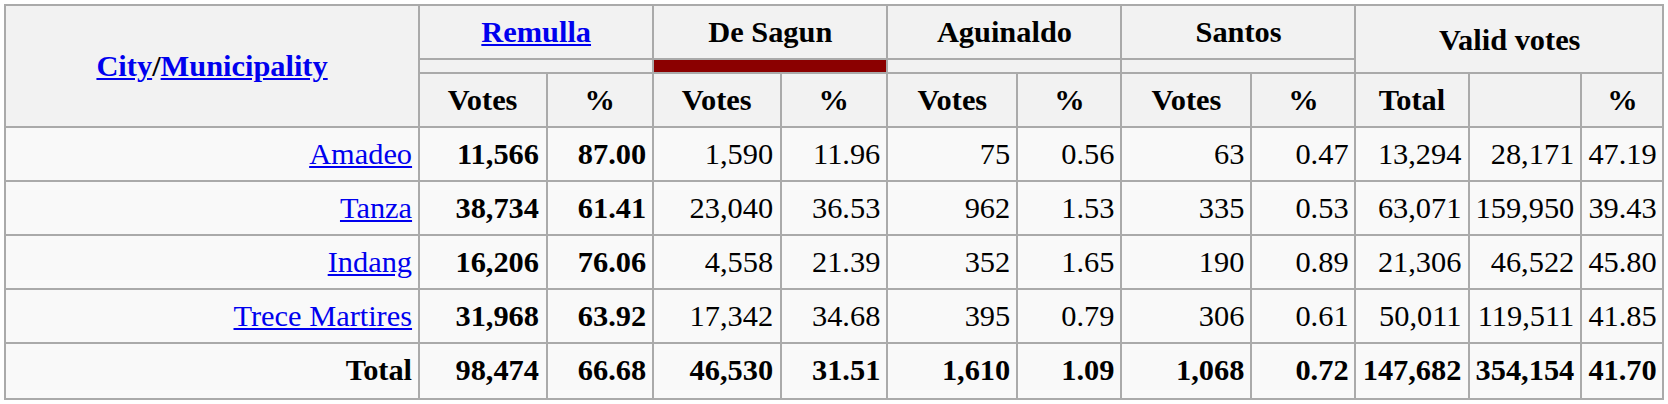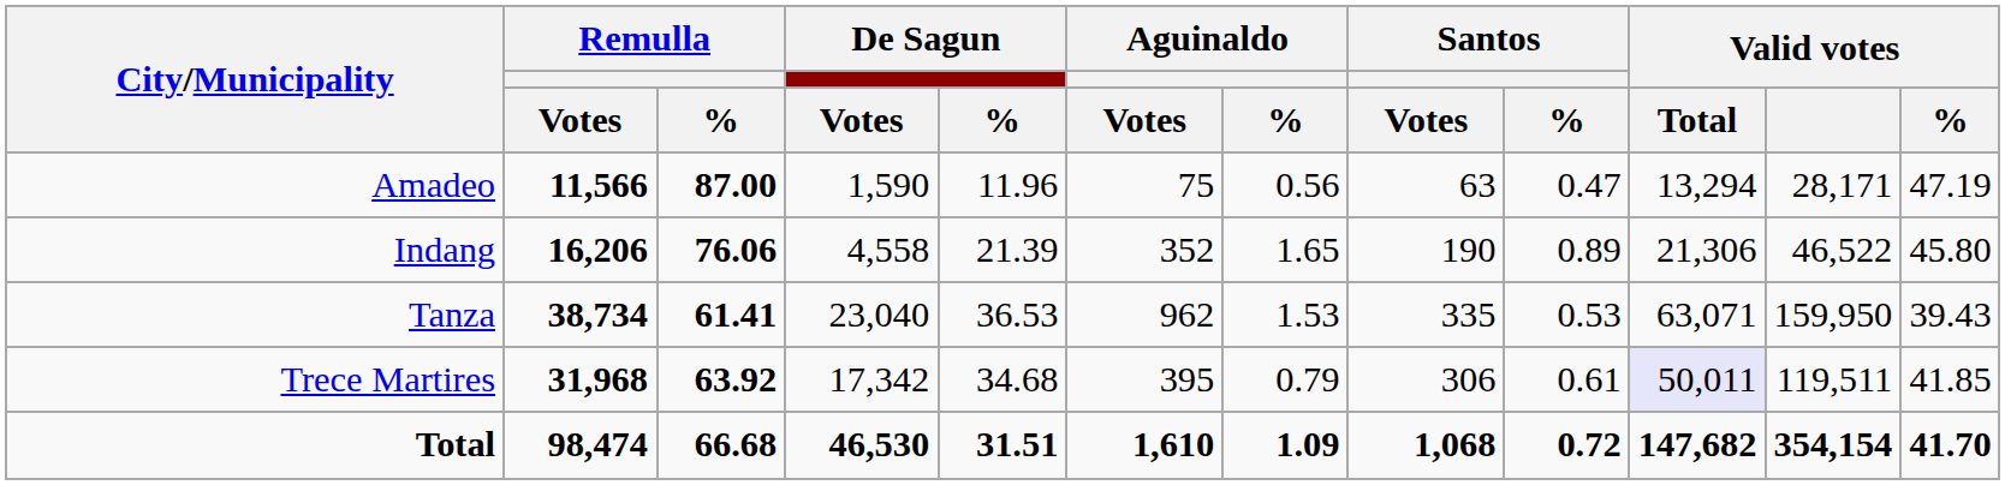 <table class="wikitable collapsible" style="text-align:right; font-size:95%; line-height:20px;">
 <tr>
 <th rowspan="3" width="200"><a href='#'>City</a>/<a href='#'>Municipality</a></th>
 <th colspan="2" width="110"><a href='#'>Remulla</a></th>
 <th colspan="2" width="110">De Sagun</th>
 <th colspan="2" width="110">Aguinaldo</th>
 <th colspan="2" width="110">Santos</th>
 <th colspan="3" rowspan="2">Valid votes</th>
 </tr>
 <tr>
 <th colspan="2" style="background:"></th>
 <th colspan="2" style="background:#8B0000"></th>
 <th colspan="2" style="background:"></th>
 <th colspan="2" style="background:"></th>
 </tr>
 <tr>
 <th>Votes</th>
 <th>%</th>
 <th>Votes</th>
 <th>%</th>
 <th>Votes</th>
 <th>%</th>
 <th>Votes</th>
 <th>%</th>
 <th>Total</th>
 <th></th>
 <th>%</th>
 </tr>
 <tr>
 <td><a href='#'>Amadeo</a></td>
 <td style="background-color:#"><strong>11,566</strong></td>
 <td style="background-color:#"><strong>87.00</strong></td>
 <td>1,590</td>
 <td>11.96</td>
 <td>75</td>
 <td>0.56</td>
 <td>63</td>
 <td>0.47</td>
 <td>13,294</td>
 <td>28,171</td>
 <td>47.19</td>
 </tr>
 <tr>
+<td><a href='#'>Indang</a></td>
+<td style="background-color:#"><strong>16,206</strong></td>
+<td style="background-color:#"><strong>76.06</strong></td>
+<td>4,558</td>
+<td>21.39</td>
+<td>352</td>
+<td>1.65</td>
+<td>190</td>
+<td>0.89</td>
+<td>21,306</td>
+<td>46,522</td>
+<td>45.80</td>
+</tr>
+<tr>
 <td><a href='#'>Tanza</a></td>
 <td style="background-color:#"><strong>38,734</strong></td>
 <td style="background-color:#"><strong>61.41</strong></td>
 <td>23,040</td>
 <td>36.53</td>
 <td>962</td>
 <td>1.53</td>
 <td>335</td>
 <td>0.53</td>
 <td>63,071</td>
 <td>159,950</td>
 <td>39.43</td>
 </tr>
 <tr>
-<td><a href='#'>Indang</a></td>
-<td style="background-color:#"><strong>16,206</strong></td>
-<td style="background-color:#"><strong>76.06</strong></td>
-<td>4,558</td>
-<td>21.39</td>
-<td>352</td>
-<td>1.65</td>
-<td>190</td>
-<td>0.89</td>
-<td>21,306</td>
-<td>46,522</td>
-<td>45.80</td>
-</tr>
-<tr>
 <td><a href='#'>Trece Martires</a></td>
 <td style="background-color:#"><strong>31,968</strong></td>
 <td style="background-color:#"><strong>63.92</strong></td>
 <td>17,342</td>
 <td>34.68</td>
 <td>395</td>
 <td>0.79</td>
 <td>306</td>
 <td>0.61</td>
-<td>50,011</td>
+<td style="background: lavender;">50,011</td>
 <td>119,511</td>
 <td>41.85</td>
 </tr>
 <tr>
 <td><strong>Total</strong></td>
 <td style="background-color:#"><strong>98,474</strong></td>
 <td style="background-color:#"><strong>66.68</strong></td>
 <td><strong>46,530</strong></td>
 <td><strong>31.51</strong></td>
 <td><strong>1,610</strong></td>
 <td><strong>1.09</strong></td>
 <td><strong>1,068</strong></td>
 <td><strong>0.72</strong></td>
 <td><strong>147,682</strong></td>
 <td><strong>354,154</strong></td>
 <td><strong>41.70</strong></td>
 </tr>
 </table>
